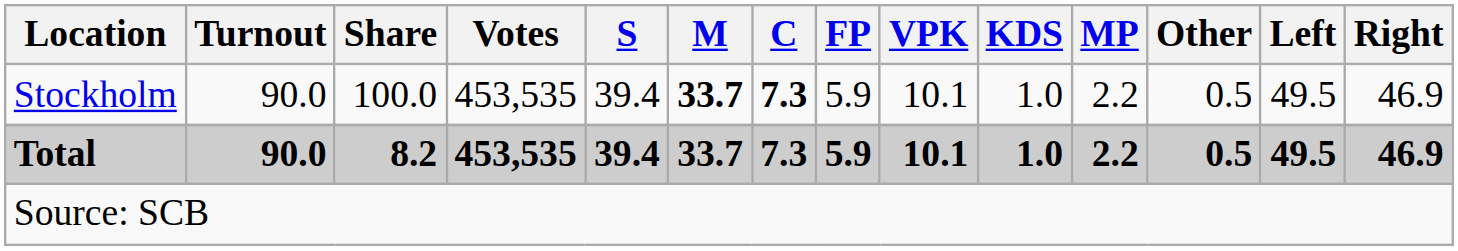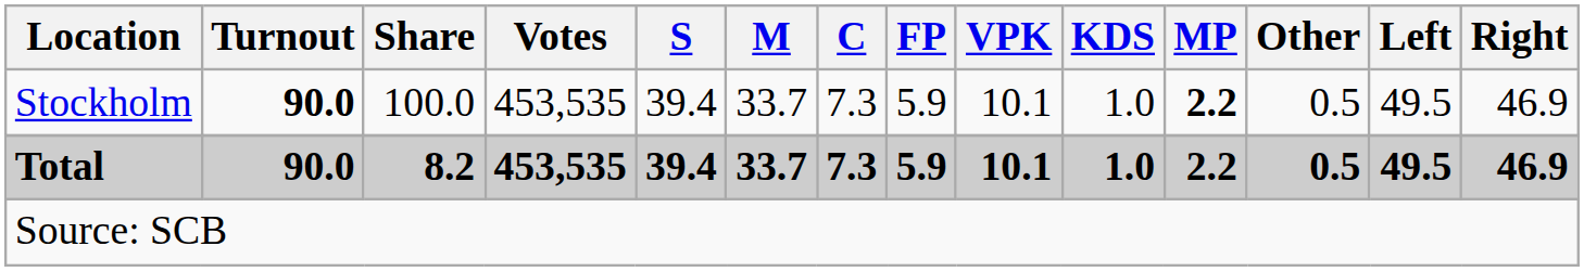 <table class="wikitable sortable" style=text-align:right>
 <tr>
 <th>Location</th>
 <th>Turnout</th>
 <th>Share</th>
 <th>Votes</th>
 <th><a href='#'>S</a></th>
 <th><a href='#'>M</a></th>
 <th><a href='#'>C</a></th>
 <th><a href='#'>FP</a></th>
 <th><a href='#'>VPK</a></th>
 <th><a href='#'>KDS</a></th>
 <th><a href='#'>MP</a></th>
 <th>Other</th>
 <th>Left</th>
 <th>Right</th>
 </tr>
 <tr>
 <td align=left><a href='#'>Stockholm</a></td>
-<td>90.0</td>
+<td><strong>90.0</strong></td>
 <td>100.0</td>
 <td>453,535</td>
 <td>39.4</td>
-<td><strong>33.7</strong></td>
-<td><strong>7.3</strong></td>
+<td>33.7</td>
+<td>7.3</td>
 <td>5.9</td>
 <td>10.1</td>
 <td>1.0</td>
-<td>2.2</td>
+<td><strong>2.2</strong></td>
 <td>0.5</td>
 <td>49.5</td>
 <td>46.9</td>
 </tr>
 <tr>
 </tr>
 <tr style="background:#CDCDCD;">
 <td align=left><strong>Total</strong></td>
 <td><strong>90.0</strong></td>
 <td><strong>8.2</strong></td>
 <td><strong>453,535</strong></td>
 <td><strong>39.4</strong></td>
 <td><strong>33.7</strong></td>
 <td><strong>7.3</strong></td>
 <td><strong>5.9</strong></td>
 <td><strong>10.1</strong></td>
 <td><strong>1.0</strong></td>
 <td><strong>2.2</strong></td>
 <td><strong>0.5</strong></td>
 <td><strong>49.5</strong></td>
 <td><strong>46.9</strong></td>
 </tr>
 <tr>
 <td align=left colspan=14>Source: SCB </td>
 </tr>
 </table>
